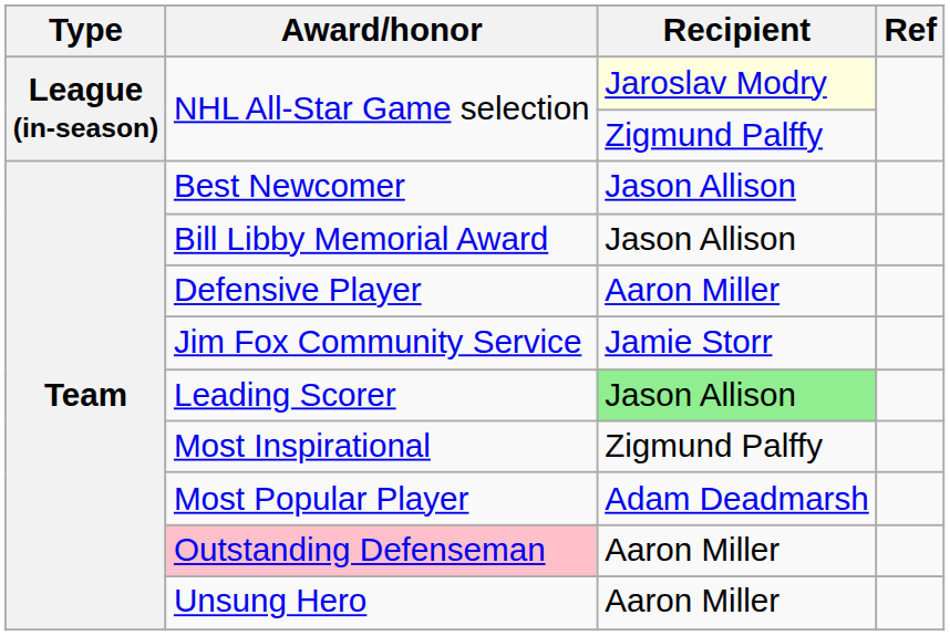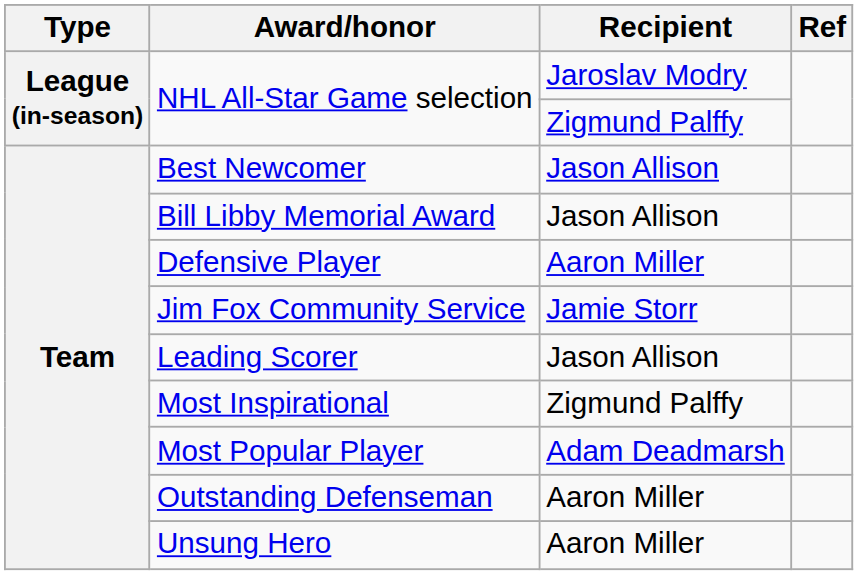 <table class="wikitable">
 <tr>
 <th scope="col">Type</th>
 <th scope="col">Award/honor</th>
 <th scope="col">Recipient</th>
 <th scope="col">Ref</th>
 </tr>
 <tr>
 <th scope="row" rowspan="2">League<br><small>(in-season)</small></th>
 <td rowspan="2"><a href='#'>NHL All-Star Game</a> selection</td>
-<td style="background: lightyellow;"><a href='#'>Jaroslav Modry</a></td>
+<td><a href='#'>Jaroslav Modry</a></td>
 <td rowspan="2"></td>
 </tr>
 <tr>
 <td><a href='#'>Zigmund Palffy</a></td>
 </tr>
 <tr>
 <th scope="row" rowspan="10">Team</th>
 <td><a href='#'>Best Newcomer</a></td>
 <td><a href='#'>Jason Allison</a></td>
 <td></td>
 </tr>
 <tr>
 <td><a href='#'>Bill Libby Memorial Award</a></td>
 <td>Jason Allison</td>
 <td></td>
 </tr>
 <tr>
 <td><a href='#'>Defensive Player</a></td>
 <td><a href='#'>Aaron Miller</a></td>
 <td></td>
 </tr>
 <tr>
 <td><a href='#'>Jim Fox Community Service</a></td>
 <td><a href='#'>Jamie Storr</a></td>
 <td></td>
 </tr>
 <tr>
 <td><a href='#'>Leading Scorer</a></td>
-<td style="background: lightgreen;">Jason Allison</td>
+<td>Jason Allison</td>
 <td></td>
 </tr>
 <tr>
 <td><a href='#'>Most Inspirational</a></td>
 <td>Zigmund Palffy</td>
 <td></td>
 </tr>
 <tr>
 <td><a href='#'>Most Popular Player</a></td>
 <td><a href='#'>Adam Deadmarsh</a></td>
 <td></td>
 </tr>
 <tr>
-<td style="background: pink;"><a href='#'>Outstanding Defenseman</a></td>
+<td><a href='#'>Outstanding Defenseman</a></td>
 <td>Aaron Miller</td>
 <td></td>
 </tr>
 <tr>
 <td><a href='#'>Unsung Hero</a></td>
 <td>Aaron Miller</td>
 <td></td>
 </tr>
 </table>
